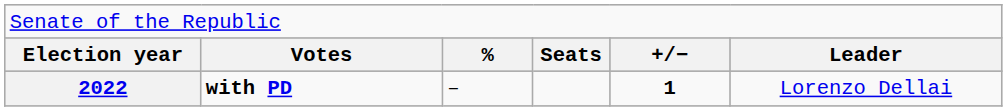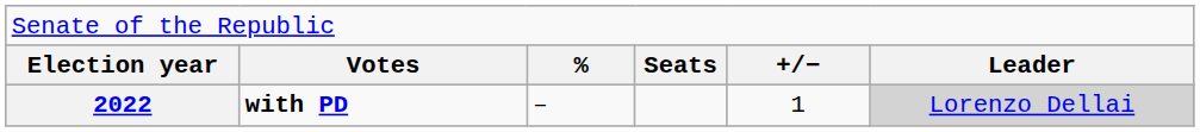 <table class=wikitable style="width:50%; border:1px #AAAAFF solid">
 <tr>
 <td colspan=6><a href='#'>Senate of the Republic</a></td>
 </tr>
 <tr>
 <th width=13%>Election year</th>
 <th width=16%>Votes</th>
 <th width=6%>%</th>
 <th width=1%>Seats</th>
 <th width=8%>+/−</th>
 <th width=18%>Leader</th>
 </tr>
 <tr>
 <th><a href='#'>2022</a></th>
 <td><strong>with <a href='#'>PD</a></strong></td>
 <td>–</td>
 <td></td>
-<td style="text-align: center"><strong> 1</strong></td>
-<td style="text-align: center"><a href='#'>Lorenzo Dellai</a></td>
+<td style="text-align: center"> 1</td>
+<td style="background: lightgrey; text-align: center"><a href='#'>Lorenzo Dellai</a></td>
 </tr>
 </table>
